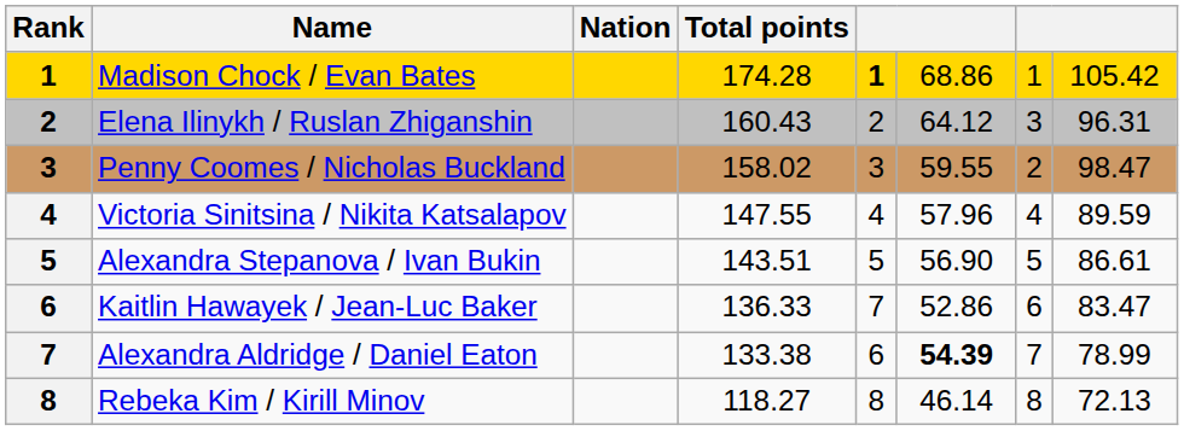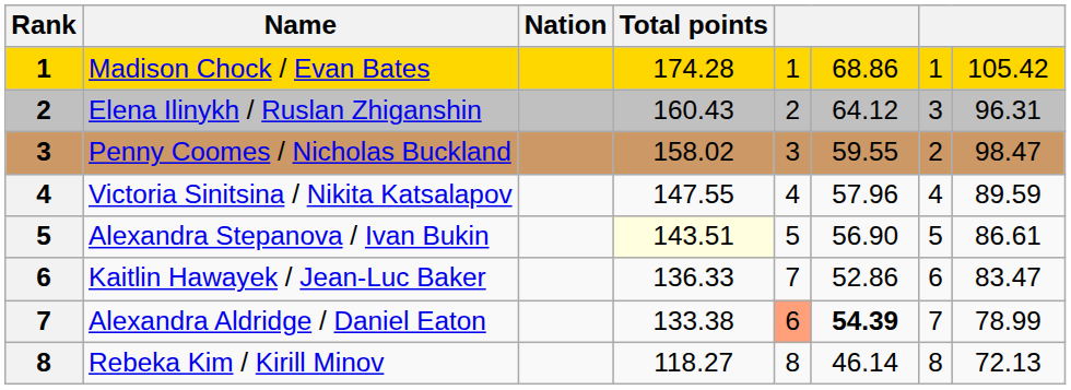 <table class="wikitable sortable">
 <tr>
 <th>Rank</th>
 <th>Name</th>
 <th>Nation</th>
 <th>Total points</th>
 <th colspan="2" width="80px"></th>
 <th colspan="2" width="80px"></th>
 </tr>
 <tr bgcolor="gold">
 <td align="center"><strong>1</strong></td>
 <td><a href='#'>Madison Chock</a> / <a href='#'>Evan Bates</a></td>
 <td></td>
 <td align="center">174.28</td>
-<td align="center"><strong>1</strong></td>
+<td align="center">1</td>
 <td align="center">68.86</td>
 <td align="center">1</td>
 <td align="center">105.42</td>
 </tr>
 <tr bgcolor="silver">
 <td align="center"><strong>2</strong></td>
 <td><a href='#'>Elena Ilinykh</a> / <a href='#'>Ruslan Zhiganshin</a></td>
 <td></td>
 <td align="center">160.43</td>
 <td align="center">2</td>
 <td align="center">64.12</td>
 <td align="center">3</td>
 <td align="center">96.31</td>
 </tr>
 <tr bgcolor="cc9966">
 <td align="center"><strong>3</strong></td>
 <td><a href='#'>Penny Coomes</a> / <a href='#'>Nicholas Buckland</a></td>
 <td></td>
 <td align="center">158.02</td>
 <td align="center">3</td>
 <td align="center">59.55</td>
 <td align="center">2</td>
 <td align="center">98.47</td>
 </tr>
 <tr>
 <th>4</th>
 <td><a href='#'>Victoria Sinitsina</a> / <a href='#'>Nikita Katsalapov</a></td>
 <td></td>
 <td align="center">147.55</td>
 <td align="center">4</td>
 <td align="center">57.96</td>
 <td align="center">4</td>
 <td align="center">89.59</td>
 </tr>
 <tr>
 <th>5</th>
 <td><a href='#'>Alexandra Stepanova</a> / <a href='#'>Ivan Bukin</a></td>
 <td></td>
-<td align="center">143.51</td>
+<td align="center" style="background: lightyellow;">143.51</td>
 <td align="center">5</td>
 <td align="center">56.90</td>
 <td align="center">5</td>
 <td align="center">86.61</td>
 </tr>
 <tr>
 <th>6</th>
 <td><a href='#'>Kaitlin Hawayek</a> / <a href='#'>Jean-Luc Baker</a></td>
 <td></td>
 <td align="center">136.33</td>
 <td align="center">7</td>
 <td align="center">52.86</td>
 <td align="center">6</td>
 <td align="center">83.47</td>
 </tr>
 <tr>
 <th>7</th>
 <td><a href='#'>Alexandra Aldridge</a> / <a href='#'>Daniel Eaton</a></td>
 <td></td>
 <td align="center">133.38</td>
-<td align="center">6</td>
+<td align="center" style="background: lightsalmon;">6</td>
 <td align="center"><strong>54.39</strong></td>
 <td align="center">7</td>
 <td align="center">78.99</td>
 </tr>
 <tr>
 <th>8</th>
 <td><a href='#'>Rebeka Kim</a> / <a href='#'>Kirill Minov</a></td>
 <td></td>
 <td align="center">118.27</td>
 <td align="center">8</td>
 <td align="center">46.14</td>
 <td align="center">8</td>
 <td align="center">72.13</td>
 </tr>
 </table>
